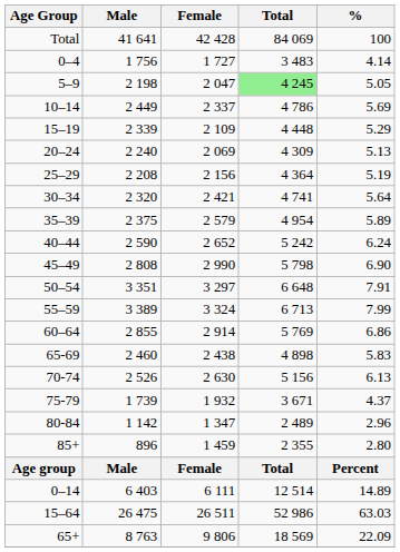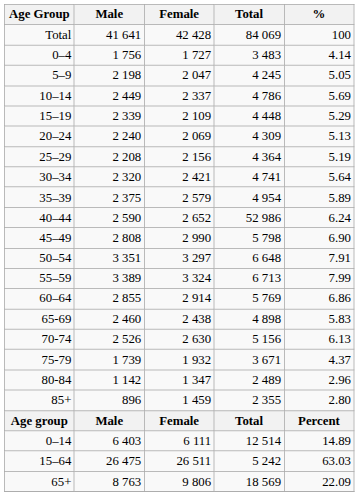 <table class="wikitable">
 <tr>
 <th width="80pt">Age Group</th>
 <th width="80pt">Male</th>
 <th width="80pt">Female</th>
 <th width="80pt">Total</th>
 <th width="80pt">%</th>
 </tr>
 <tr>
 <td align="right">Total</td>
 <td align="right">41 641</td>
 <td align="right">42 428</td>
 <td align="right">84 069</td>
 <td align="right">100</td>
 </tr>
 <tr>
 <td align="right">0–4</td>
 <td align="right">1 756</td>
 <td align="right">1 727</td>
 <td align="right">3 483</td>
 <td align="right">4.14</td>
 </tr>
 <tr>
 <td align="right">5–9</td>
 <td align="right">2 198</td>
 <td align="right">2 047</td>
-<td align="right" style="background: lightgreen;">4 245</td>
+<td align="right">4 245</td>
 <td align="right">5.05</td>
 </tr>
 <tr>
 <td align="right">10–14</td>
 <td align="right">2 449</td>
 <td align="right">2 337</td>
 <td align="right">4 786</td>
 <td align="right">5.69</td>
 </tr>
 <tr>
 <td align="right">15–19</td>
 <td align="right">2 339</td>
 <td align="right">2 109</td>
 <td align="right">4 448</td>
 <td align="right">5.29</td>
 </tr>
 <tr>
 <td align="right">20–24</td>
 <td align="right">2 240</td>
 <td align="right">2 069</td>
 <td align="right">4 309</td>
 <td align="right">5.13</td>
 </tr>
 <tr>
 <td align="right">25–29</td>
 <td align="right">2 208</td>
 <td align="right">2 156</td>
 <td align="right">4 364</td>
 <td align="right">5.19</td>
 </tr>
 <tr>
 <td align="right">30–34</td>
 <td align="right">2 320</td>
 <td align="right">2 421</td>
 <td align="right">4 741</td>
 <td align="right">5.64</td>
 </tr>
 <tr>
 <td align="right">35–39</td>
 <td align="right">2 375</td>
 <td align="right">2 579</td>
 <td align="right">4 954</td>
 <td align="right">5.89</td>
 </tr>
 <tr>
 <td align="right">40–44</td>
 <td align="right">2 590</td>
 <td align="right">2 652</td>
-<td align="right">5 242</td>
+<td align="right">52 986</td>
 <td align="right">6.24</td>
 </tr>
 <tr>
 <td align="right">45–49</td>
 <td align="right">2 808</td>
 <td align="right">2 990</td>
 <td align="right">5 798</td>
 <td align="right">6.90</td>
 </tr>
 <tr>
 <td align="right">50–54</td>
 <td align="right">3 351</td>
 <td align="right">3 297</td>
 <td align="right">6 648</td>
 <td align="right">7.91</td>
 </tr>
 <tr>
 <td align="right">55–59</td>
 <td align="right">3 389</td>
 <td align="right">3 324</td>
 <td align="right">6 713</td>
 <td align="right">7.99</td>
 </tr>
 <tr>
 <td align="right">60–64</td>
 <td align="right">2 855</td>
 <td align="right">2 914</td>
 <td align="right">5 769</td>
 <td align="right">6.86</td>
 </tr>
 <tr>
 <td align="right">65-69</td>
 <td align="right">2 460</td>
 <td align="right">2 438</td>
 <td align="right">4 898</td>
 <td align="right">5.83</td>
 </tr>
 <tr>
 <td align="right">70-74</td>
 <td align="right">2 526</td>
 <td align="right">2 630</td>
 <td align="right">5 156</td>
 <td align="right">6.13</td>
 </tr>
 <tr>
 <td align="right">75-79</td>
 <td align="right">1 739</td>
 <td align="right">1 932</td>
 <td align="right">3 671</td>
 <td align="right">4.37</td>
 </tr>
 <tr>
 <td align="right">80-84</td>
 <td align="right">1 142</td>
 <td align="right">1 347</td>
 <td align="right">2 489</td>
 <td align="right">2.96</td>
 </tr>
 <tr>
 <td align="right">85+</td>
 <td align="right">896</td>
 <td align="right">1 459</td>
 <td align="right">2 355</td>
 <td align="right">2.80</td>
 </tr>
 <tr>
 <th width="50">Age group</th>
 <th width="80pt">Male</th>
 <th width="80">Female</th>
 <th width="80">Total</th>
 <th width="50">Percent</th>
 </tr>
 <tr>
 <td align="right">0–14</td>
 <td align="right">6 403</td>
 <td align="right">6 111</td>
 <td align="right">12 514</td>
 <td align="right">14.89</td>
 </tr>
 <tr>
 <td align="right">15–64</td>
 <td align="right">26 475</td>
 <td align="right">26 511</td>
-<td align="right">52 986</td>
+<td align="right">5 242</td>
 <td align="right">63.03</td>
 </tr>
 <tr>
 <td align="right">65+</td>
 <td align="right">8 763</td>
 <td align="right">9 806</td>
 <td align="right">18 569</td>
 <td align="right">22.09</td>
 </tr>
 <tr>
 </tr>
 </table>
